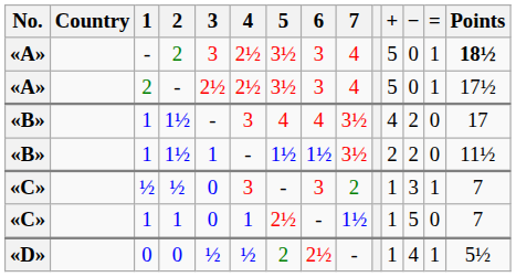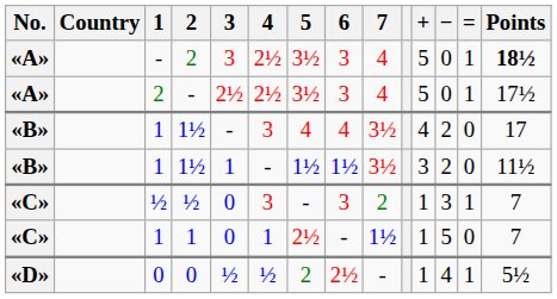 <table class="wikitable" style="text-align:center">
 <tr>
 <th>No.</th>
 <th>Country</th>
 <th>1</th>
 <th>2</th>
 <th>3</th>
 <th>4</th>
 <th>5</th>
 <th>6</th>
 <th>7</th>
 <th></th>
 <th>+</th>
 <th>−</th>
 <th>=</th>
 <th>Points</th>
 </tr>
 <tr>
 <th>«A»</th>
 <td style="text-align: left"></td>
 <td>-</td>
 <td style="color:green;">2</td>
 <td style="color:red;">3</td>
 <td style="color:red;">2½</td>
 <td style="color:red;">3½</td>
 <td style="color:red;">3</td>
 <td style="color:red;">4</td>
 <th></th>
 <td>5</td>
 <td>0</td>
 <td>1</td>
 <td><strong>18½ </strong></td>
 </tr>
 <tr>
 <th>«A»</th>
 <td style="text-align: left"></td>
 <td style="color:green;">2</td>
 <td>-</td>
 <td style="color:red;">2½</td>
 <td style="color:red;">2½</td>
 <td style="color:red;">3½</td>
 <td style="color:red;">3</td>
 <td style="color:red;">4</td>
 <th></th>
 <td>5</td>
 <td>0</td>
 <td>1</td>
 <td>17½</td>
 </tr>
 <tr style="border-top:2px solid grey;">
 <th>«B»</th>
 <td style="text-align: left"></td>
 <td style="color:blue;">1</td>
 <td style="color:blue;">1½</td>
 <td>-</td>
 <td style="color:red;">3</td>
 <td style="color:red;">4</td>
 <td style="color:red;">4</td>
 <td style="color:red;">3½</td>
 <th></th>
 <td>4</td>
 <td>2</td>
 <td>0</td>
 <td>17</td>
 </tr>
 <tr>
 <th>«B»</th>
 <td style="text-align: left"></td>
 <td style="color:blue;">1</td>
 <td style="color:blue;">1½</td>
 <td style="color:blue;">1</td>
 <td>-</td>
 <td style="color:blue;">1½</td>
 <td style="color:blue;">1½</td>
 <td style="color:red;">3½</td>
 <th></th>
-<td>2</td>
+<td>3</td>
 <td>2</td>
 <td>0</td>
 <td>11½</td>
 </tr>
 <tr style="border-top:2px solid grey;">
 <th>«C»</th>
 <td style="text-align: left"></td>
 <td style="color:blue;">½</td>
 <td style="color:blue;">½</td>
 <td style="color:blue;">0</td>
 <td style="color:red;">3</td>
 <td>-</td>
 <td style="color:red;">3</td>
 <td style="color:green;">2</td>
 <th></th>
 <td>1</td>
 <td>3</td>
 <td>1</td>
 <td>7</td>
 </tr>
 <tr>
 <th>«C»</th>
 <td style="text-align: left"></td>
 <td style="color:blue;">1</td>
 <td style="color:blue;">1</td>
 <td style="color:blue;">0</td>
 <td style="color:blue;">1</td>
 <td style="color:red;">2½</td>
 <td>-</td>
 <td style="color:blue;">1½</td>
 <th></th>
 <td>1</td>
 <td>5</td>
 <td>0</td>
 <td>7</td>
 </tr>
 <tr style="border-top:2px solid grey;">
 <th>«D»</th>
 <td style="text-align: left"></td>
 <td style="color:blue;">0</td>
 <td style="color:blue;">0</td>
 <td style="color:blue;">½</td>
 <td style="color:blue;">½</td>
 <td style="color:green;">2</td>
 <td style="color:red;">2½</td>
 <td>-</td>
 <th></th>
 <td>1</td>
 <td>4</td>
 <td>1</td>
 <td>5½</td>
 </tr>
 </table>
